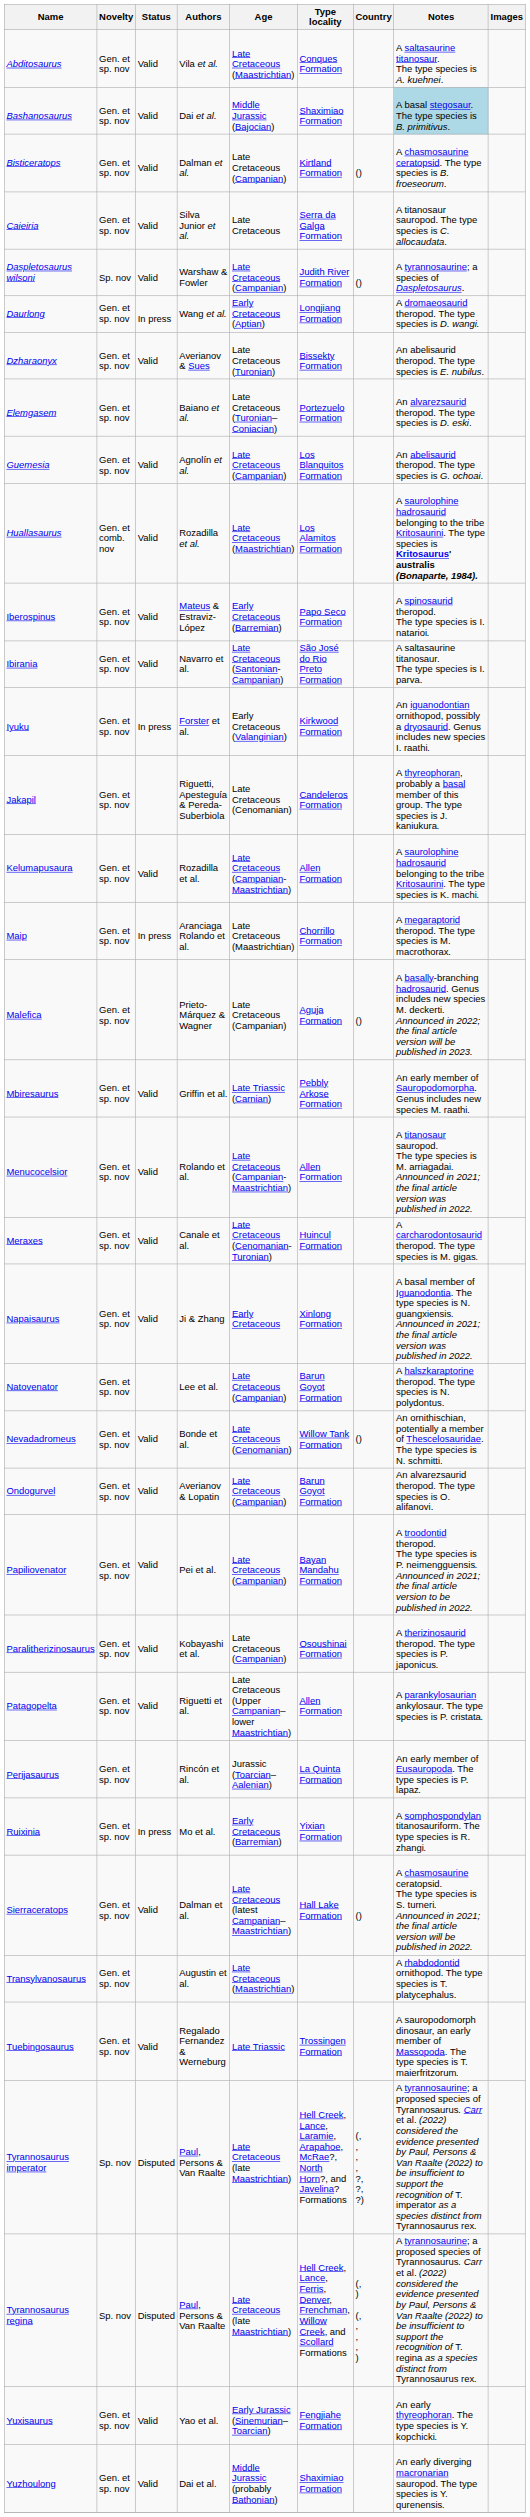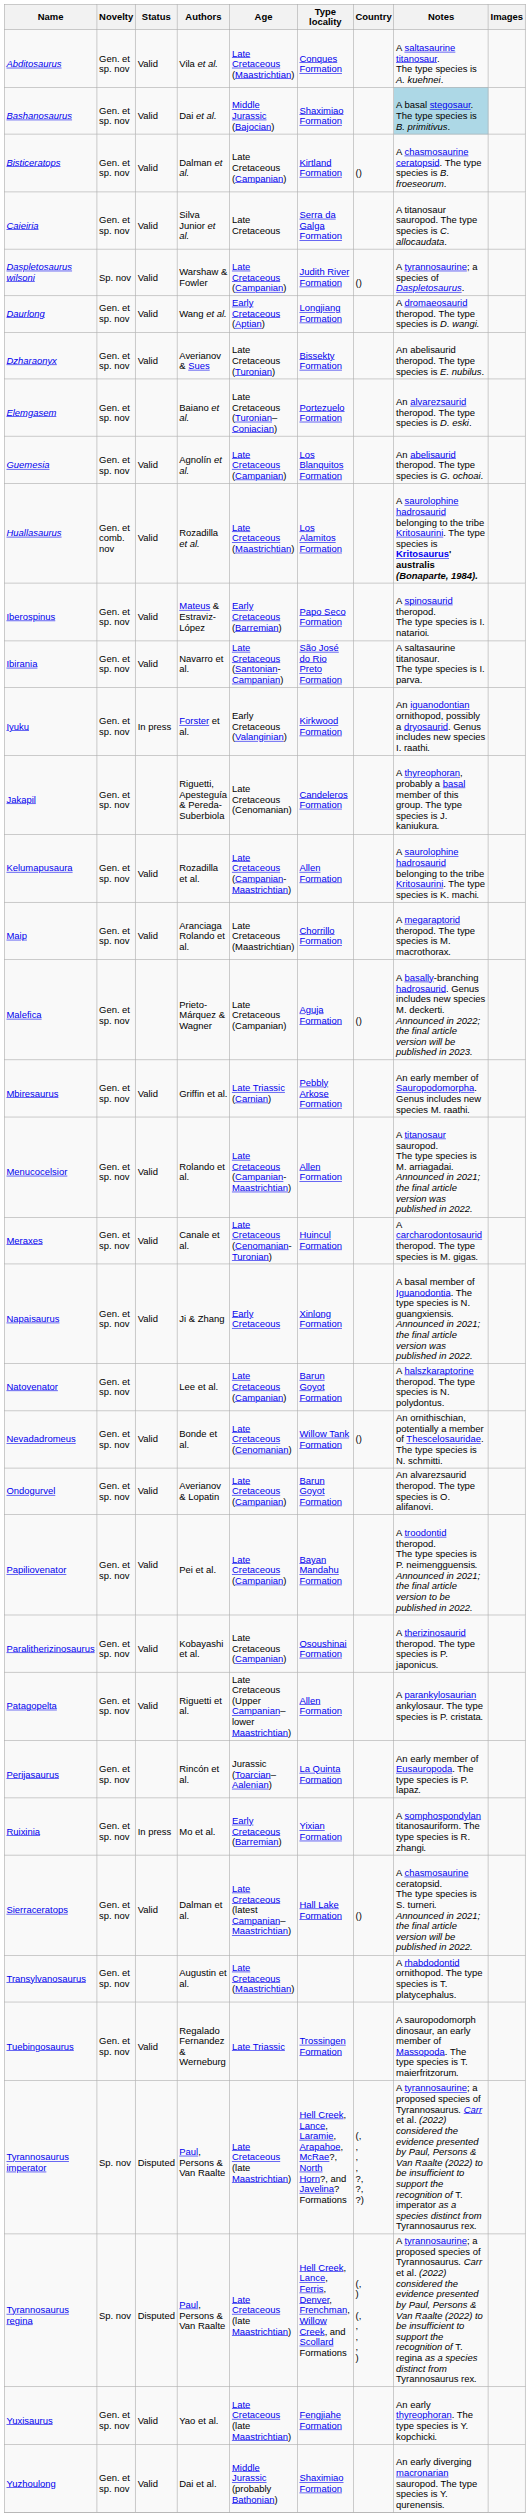 <table class="wikitable sortable" width="100%" align="center">
 <tr>
 <th>Name</th>
 <th>Novelty</th>
 <th>Status</th>
 <th>Authors</th>
 <th>Age</th>
 <th>Type locality</th>
 <th>Country</th>
 <th>Notes</th>
 <th>Images</th>
 </tr>
 <tr>
 <td><br><em><a href='#'>Abditosaurus</a></em></td>
 <td><br>Gen. et sp. nov</td>
 <td><br>Valid</td>
 <td><br>Vila <em>et al.</em></td>
 <td><br><a href='#'>Late Cretaceous</a> (<a href='#'>Maastrichtian</a>)</td>
 <td><br><a href='#'>Conques Formation</a></td>
 <td><br></td>
 <td><br>A <a href='#'>saltasaurine</a> <a href='#'>titanosaur</a>.<br> The type species is <em>A. kuehnei</em>.</td>
 <td></td>
 </tr>
 <tr>
 <td><br><em><a href='#'>Bashanosaurus</a></em></td>
 <td><br>Gen. et sp. nov</td>
 <td><br>Valid</td>
 <td><br>Dai <em>et al.</em></td>
 <td><br><a href='#'>Middle Jurassic</a> (<a href='#'>Bajocian</a>)</td>
 <td><br><a href='#'>Shaximiao Formation</a></td>
 <td><br></td>
 <td style="background: lightblue;"><br>A basal <a href='#'>stegosaur</a>. The type species is <em>B. primitivus</em>.</td>
 <td></td>
 </tr>
 <tr>
 <td><em><a href='#'>Bisticeratops</a></em></td>
 <td><br>Gen. et sp. nov</td>
 <td><br>Valid</td>
 <td><br>Dalman <em>et al.</em></td>
 <td><br>Late Cretaceous (<a href='#'>Campanian</a>)</td>
 <td><br><a href='#'>Kirtland Formation</a></td>
 <td><br><br>()</td>
 <td><br>A <a href='#'>chasmosaurine</a> <a href='#'>ceratopsid</a>. The type species is <em>B. froeseorum</em>.</td>
 <td></td>
 </tr>
 <tr>
 <td><br><em><a href='#'>Caieiria</a></em></td>
 <td><br>Gen. et sp. nov</td>
 <td><br>Valid</td>
 <td><br>Silva Junior <em>et al.</em></td>
 <td><br>Late Cretaceous</td>
 <td><br><a href='#'>Serra da Galga Formation</a></td>
 <td><br></td>
 <td><br>A titanosaur sauropod. The type species is <em>C. allocaudata</em>.</td>
 <td></td>
 </tr>
 <tr>
 <td><em><a href='#'>Daspletosaurus wilsoni</a></em></td>
 <td><br>Sp. nov</td>
 <td><br>Valid</td>
 <td><br>Warshaw & Fowler</td>
 <td><br><a href='#'>Late Cretaceous</a> (<a href='#'>Campanian</a>)</td>
 <td><br><a href='#'>Judith River Formation</a></td>
 <td><br><br>()</td>
 <td><br>A <a href='#'>tyrannosaurine</a>; a species of <em><a href='#'>Daspletosaurus</a></em>.</td>
 <td></td>
 </tr>
 <tr>
 <td><em><a href='#'>Daurlong</a></em></td>
 <td>Gen. et sp. nov</td>
-<td><br>In press</td>
+<td>Valid</td>
 <td>Wang <em>et al.</em></td>
 <td><a href='#'>Early Cretaceous</a> (<a href='#'>Aptian</a>)</td>
 <td><a href='#'>Longjiang Formation</a></td>
 <td></td>
 <td>A <a href='#'>dromaeosaurid</a> theropod. The type species is <em>D. wangi.</em></td>
 <td></td>
 </tr>
 <tr>
 <td><br><em><a href='#'>Dzharaonyx</a></em></td>
 <td><br>Gen. et sp. nov</td>
 <td><br>Valid</td>
 <td><br>Averianov & <a href='#'>Sues</a></td>
 <td><br>Late Cretaceous (<a href='#'>Turonian</a>)</td>
 <td><br><a href='#'>Bissekty Formation</a></td>
 <td><br></td>
 <td><br>An abelisaurid theropod. The type species is <em>E. nubilus</em>.</td>
 <td></td>
 </tr>
 <tr>
 <td><br><em><a href='#'>Elemgasem</a></em></td>
 <td><br>Gen. et sp. nov</td>
 <td></td>
 <td><br>Baiano <em>et al.</em></td>
 <td><br>Late Cretaceous (<a href='#'>Turonian</a>–<a href='#'>Coniacian</a>)</td>
 <td><br><a href='#'>Portezuelo Formation</a></td>
 <td><br></td>
 <td><br>An <a href='#'>alvarezsaurid</a> theropod. The type species is <em>D. eski</em>.</td>
 <td></td>
 </tr>
 <tr>
 <td><br><em><a href='#'>Guemesia</a></em></td>
 <td><br>Gen. et sp. nov</td>
 <td><br>Valid</td>
 <td><br>Agnolín <em>et al.</em></td>
 <td><br><a href='#'>Late Cretaceous</a> (<a href='#'>Campanian</a>)</td>
 <td><br><a href='#'>Los Blanquitos Formation</a></td>
 <td><br></td>
 <td><br>An <a href='#'>abelisaurid</a> theropod. The type species is <em>G. ochoai</em>.</td>
 <td></td>
 </tr>
 <tr>
 <td><em><a href='#'>Huallasaurus</a></em></td>
 <td><br>Gen. et comb. nov</td>
 <td><br>Valid</td>
 <td><br>Rozadilla <em>et al.</em></td>
 <td><br><a href='#'>Late Cretaceous</a> (<a href='#'>Maastrichtian</a>)</td>
 <td><br><a href='#'>Los Alamitos Formation</a></td>
 <td><br></td>
 <td><br>A <a href='#'>saurolophine</a> <a href='#'>hadrosaurid</a> belonging to the tribe <a href='#'>Kritosaurini</a>. The type species is <strong><a href='#'>Kritosaurus</a>' australis<em> (Bonaparte, 1984).</td>
 <td></td>
 </tr>
 <tr>
 <td><br></em><a href='#'>Iberospinus</a><em></td>
 <td><br>Gen. et sp. nov</td>
 <td><br>Valid</td>
 <td><br><a href='#'>Mateus</a> & Estraviz-López</td>
 <td><br><a href='#'>Early Cretaceous</a> (<a href='#'>Barremian</a>)</td>
 <td><br><a href='#'>Papo Seco Formation</a></td>
 <td><br></td>
 <td><br>A <a href='#'>spinosaurid</a> theropod.<br> The type species is </em>I. natarioi<em>.</td>
 <td></td>
 </tr>
 <tr>
 <td></em><a href='#'>Ibirania</a><em></td>
 <td>Gen. et sp. nov</td>
 <td>Valid</td>
 <td>Navarro </em>et al.<em></td>
 <td><a href='#'>Late Cretaceous</a> (<a href='#'>Santonian</a>-<a href='#'>Campanian</a>)</td>
 <td><a href='#'>São José do Rio Preto Formation</a></td>
 <td></td>
 <td>A saltasaurine titanosaur.<br> The type species is </em>I. parva.<em></td>
 <td></td>
 </tr>
 <tr>
 <td><br></em><a href='#'>Iyuku</a><em></td>
 <td><br>Gen. et sp. nov</td>
 <td><br>In press</td>
 <td><br><a href='#'>Forster</a> </em>et al.<em></td>
 <td><br>Early Cretaceous (<a href='#'>Valanginian</a>)</td>
 <td><br><a href='#'>Kirkwood Formation</a></td>
 <td><br></td>
 <td><br>An <a href='#'>iguanodontian</a> ornithopod, possibly a <a href='#'>dryosaurid</a>. Genus includes new species </em>I. raathi<em>.</td>
 <td></td>
 </tr>
 <tr>
 <td><br></em><a href='#'>Jakapil</a><em></td>
 <td><br>Gen. et sp. nov</td>
 <td></td>
 <td><br>Riguetti, Apesteguía & Pereda-Suberbiola</td>
 <td><br>Late Cretaceous (Cenomanian)</td>
 <td><br><a href='#'>Candeleros Formation</a></td>
 <td><br></td>
 <td><br>A <a href='#'>thyreophoran</a>, probably a <a href='#'>basal</a> member of this group. The type species is </em>J. kaniukura<em>.</td>
 <td></td>
 </tr>
 <tr>
 <td></em><a href='#'>Kelumapusaura</a><em></td>
 <td><br>Gen. et sp. nov</td>
 <td><br>Valid</td>
 <td><br>Rozadilla </em>et al.<em></td>
 <td><br><a href='#'>Late Cretaceous</a> (<a href='#'>Campanian</a>-<a href='#'>Maastrichtian</a>)</td>
 <td><br><a href='#'>Allen Formation</a></td>
 <td><br></td>
 <td><br>A <a href='#'>saurolophine</a> <a href='#'>hadrosaurid</a> belonging to the tribe <a href='#'>Kritosaurini</a>. The type species is </em>K. machi<em>.</td>
 <td></td>
 </tr>
 <tr>
 <td><br></em><a href='#'>Maip</a><em></td>
 <td><br>Gen. et sp. nov</td>
-<td><br>In press</td>
+<td><br>Valid</td>
 <td><br>Aranciaga Rolando </em>et al.<em></td>
 <td><br>Late Cretaceous (Maastrichtian)</td>
 <td><br><a href='#'>Chorrillo Formation</a></td>
 <td><br></td>
 <td><br>A <a href='#'>megaraptorid</a> theropod. The type species is </em>M. macrothorax<em>.</td>
 <td></td>
 </tr>
 <tr>
 <td><br></em><a href='#'>Malefica</a><em></td>
 <td><br>Gen. et sp. nov</td>
 <td></td>
 <td><br>Prieto-Márquez & Wagner</td>
 <td><br>Late Cretaceous (Campanian)</td>
 <td><br><a href='#'>Aguja Formation</a></td>
 <td><br><br>()</td>
 <td><br>A <a href='#'>basally</a>-branching <a href='#'>hadrosaurid</a>. Genus includes new species </em>M. deckerti<em>. Announced in 2022; the final article version will be published in 2023.</td>
 <td></td>
 </tr>
 <tr>
 <td><br></em><a href='#'>Mbiresaurus</a><em></td>
 <td><br>Gen. et sp. nov</td>
 <td><br>Valid</td>
 <td><br>Griffin </em>et al.<em></td>
 <td><br><a href='#'>Late Triassic</a> (<a href='#'>Carnian</a>)</td>
 <td><br><a href='#'>Pebbly Arkose Formation</a></td>
 <td><br></td>
 <td><br>An early member of <a href='#'>Sauropodomorpha</a>. Genus includes new species </em>M. raathi<em>.</td>
 <td></td>
 </tr>
 <tr>
 <td><br></em><a href='#'>Menucocelsior</a><em></td>
 <td><br>Gen. et sp. nov</td>
 <td><br>Valid</td>
 <td><br>Rolando </em>et al.<em></td>
 <td><br><a href='#'>Late Cretaceous</a> (<a href='#'>Campanian</a>-<a href='#'>Maastrichtian</a>)</td>
 <td><br><a href='#'>Allen Formation</a></td>
 <td><br></td>
 <td><br>A <a href='#'>titanosaur</a> sauropod.<br> The type species is </em>M. arriagadai<em>.<br> Announced in 2021; the final article version was published in 2022.</td>
 <td></td>
 </tr>
 <tr>
 <td></em><a href='#'>Meraxes</a><em></td>
 <td>Gen. et sp. nov</td>
 <td>Valid</td>
 <td>Canale </em>et al.<em></td>
 <td><a href='#'>Late Cretaceous</a> (<a href='#'>Cenomanian</a>-<a href='#'>Turonian</a>)</td>
 <td><a href='#'>Huincul Formation</a></td>
 <td></td>
 <td>A <a href='#'>carcharodontosaurid</a> theropod. The type species is </em>M. gigas<em>.</td>
 <td></td>
 </tr>
 <tr>
 <td><br></em><a href='#'>Napaisaurus</a><em></td>
 <td><br>Gen. et sp. nov</td>
 <td><br>Valid</td>
 <td><br>Ji & Zhang</td>
 <td><br><a href='#'>Early Cretaceous</a></td>
 <td><br><a href='#'>Xinlong Formation</a></td>
 <td><br></td>
 <td><br>A basal member of <a href='#'>Iguanodontia</a>. The type species is </em>N. guangxiensis<em>. Announced in 2021; the final article version was published in 2022.</td>
 <td></td>
 </tr>
 <tr>
 <td></em><a href='#'>Natovenator</a><em></td>
 <td>Gen. et sp. nov</td>
 <td></td>
 <td>Lee </em>et al.<em></td>
 <td><a href='#'>Late Cretaceous</a> (<a href='#'>Campanian</a>)</td>
 <td><a href='#'>Barun Goyot Formation</a></td>
 <td></td>
 <td>A <a href='#'>halszkaraptorine</a> theropod. The type species is </em>N. polydontus.<em></td>
 <td></td>
 </tr>
 <tr>
 <td></em><a href='#'>Nevadadromeus</a><em></td>
 <td>Gen. et sp. nov</td>
 <td>Valid</td>
 <td>Bonde </em>et al.<em></td>
 <td><a href='#'>Late Cretaceous</a> (<a href='#'>Cenomanian</a>)</td>
 <td><a href='#'>Willow Tank Formation</a></td>
 <td> ()</td>
 <td>An ornithischian, potentially a member of <a href='#'>Thescelosauridae</a>. The type species is </em>N. schmitti.<em></td>
 <td></td>
 </tr>
 <tr>
 <td></em><a href='#'>Ondogurvel</a><em></td>
 <td>Gen. et sp. nov</td>
 <td>Valid</td>
 <td>Averianov & Lopatin</td>
 <td><a href='#'>Late Cretaceous</a> (<a href='#'>Campanian</a>)</td>
 <td><a href='#'>Barun Goyot Formation</a></td>
 <td></td>
 <td>An alvarezsaurid theropod. The type species is </em>O. alifanovi.<em></td>
 <td></td>
 </tr>
 <tr>
 <td><br></em><a href='#'>Papiliovenator</a><em></td>
 <td><br>Gen. et sp. nov</td>
 <td>Valid</td>
 <td><br>Pei </em>et al.<em></td>
 <td><br><a href='#'>Late Cretaceous</a> (<a href='#'>Campanian</a>)</td>
 <td><br><a href='#'>Bayan Mandahu Formation</a></td>
 <td><br></td>
 <td><br>A <a href='#'>troodontid</a> theropod.<br> The type species is </em>P. neimengguensis<em>.<br> Announced in 2021; the final article version to be published in 2022.</td>
 <td></td>
 </tr>
 <tr>
 <td><br></em><a href='#'>Paralitherizinosaurus</a><em></td>
 <td><br>Gen. et sp. nov</td>
 <td><br>Valid</td>
 <td><br>Kobayashi </em>et al.<em></td>
 <td><br>Late Cretaceous (<a href='#'>Campanian</a>)</td>
 <td><br><a href='#'>Osoushinai Formation</a></td>
 <td><br></td>
 <td><br>A <a href='#'>therizinosaurid</a> theropod. The type species is </em>P. japonicus<em>.</td>
 <td></td>
 </tr>
 <tr>
 <td></em><a href='#'>Patagopelta</a><em></td>
 <td>Gen. et sp. nov</td>
 <td>Valid</td>
 <td>Riguetti </em>et al.<em></td>
 <td>Late Cretaceous (Upper <a href='#'>Campanian</a>–lower <a href='#'>Maastrichtian</a>)</td>
 <td><a href='#'>Allen Formation</a></td>
 <td></td>
 <td>A <a href='#'>parankylosaurian</a> ankylosaur. The type species is </em>P. cristata<em>.</td>
 <td></td>
 </tr>
 <tr>
 <td><br></em><a href='#'>Perijasaurus</a><em></td>
 <td><br>Gen. et sp. nov</td>
 <td></td>
 <td><br>Rincón </em>et al.<em></td>
 <td><br>Jurassic (<a href='#'>Toarcian</a>–<a href='#'>Aalenian</a>)</td>
 <td><br><a href='#'>La Quinta Formation</a></td>
 <td><br></td>
 <td><br>An early member of <a href='#'>Eusauropoda</a>. The type species is </em>P. lapaz<em>.</td>
 <td></td>
 </tr>
 <tr>
 <td><br></em><a href='#'>Ruixinia</a><em></td>
 <td><br>Gen. et sp. nov</td>
 <td><br>In press</td>
 <td><br>Mo </em>et al.<em></td>
 <td><br><a href='#'>Early Cretaceous</a> (<a href='#'>Barremian</a>)</td>
 <td><br><a href='#'>Yixian Formation</a></td>
 <td><br></td>
 <td><br>A <a href='#'>somphospondylan</a> titanosauriform. The type species is </em>R. zhangi<em>.</td>
 </tr>
 <tr>
 <td><br></em><a href='#'>Sierraceratops</a><em></td>
 <td><br>Gen. et sp. nov</td>
 <td><br>Valid</td>
 <td><br>Dalman </em>et al.<em></td>
 <td><br><a href='#'>Late Cretaceous</a> (latest <a href='#'>Campanian</a>–<a href='#'>Maastrichtian</a>)</td>
 <td><br><a href='#'>Hall Lake Formation</a></td>
 <td><br><br>()</td>
 <td><br>A <a href='#'>chasmosaurine</a> ceratopsid.<br> The type species is </em>S. turneri<em>.<br> Announced in 2021; the final article version will be published in 2022.</td>
 <td><br></td>
 </tr>
 <tr>
 <td></em><a href='#'>Transylvanosaurus</a><em></td>
 <td>Gen. et sp. nov</td>
 <td></td>
 <td>Augustin </em>et al.<em></td>
 <td><a href='#'>Late Cretaceous</a> (<a href='#'>Maastrichtian</a>)</td>
 <td></td>
 <td></td>
 <td>A <a href='#'>rhabdodontid</a> ornithopod. The type species is </em>T. platycephalus.<em></td>
 <td></td>
 </tr>
 <tr>
 <td><br></em><a href='#'>Tuebingosaurus</a><em></td>
 <td><br>Gen. et sp. nov</td>
 <td><br>Valid</td>
 <td><br>Regalado Fernandez & Werneburg</td>
 <td><br><a href='#'>Late Triassic</a></td>
 <td><br><a href='#'>Trossingen Formation</a></td>
 <td><br></td>
 <td><br>A sauropodomorph dinosaur, an early member of <a href='#'>Massopoda</a>. The type species is </em>T. maierfritzorum<em>.</td>
 <td></td>
 </tr>
 <tr>
 <td><br></em><a href='#'>Tyrannosaurus imperator</a><em></td>
 <td><br>Sp. nov</td>
 <td><br>Disputed</td>
 <td><br><a href='#'>Paul</a>, Persons & Van Raalte</td>
 <td><br><a href='#'>Late Cretaceous</a> (late <a href='#'>Maastrichtian</a>)</td>
 <td><a href='#'>Hell Creek</a>, <a href='#'>Lance</a>, <a href='#'>Laramie</a>, <a href='#'>Arapahoe</a>, <a href='#'>McRae</a>?, <a href='#'>North Horn</a>?, and <a href='#'>Javelina</a>? Formations</td>
 <td><br><br>(, <br>, <br>, <br>, <br>?, <br>?, <br>?)</td>
 <td>A <a href='#'>tyrannosaurine</a>; a proposed species of </em>Tyrannosaurus<em>. <a href='#'>Carr</a> </em>et al.<em> (2022) considered the evidence presented by Paul, Persons & Van Raalte (2022) to be insufficient to support the recognition of </em>T. imperator<em> as a species distinct from </em>Tyrannosaurus rex<em>.</td>
 <td><br></td>
 </tr>
 <tr>
 <td><br></em><a href='#'>Tyrannosaurus regina</a><em></td>
 <td><br>Sp. nov</td>
 <td><br>Disputed</td>
 <td><br><a href='#'>Paul</a>, Persons & Van Raalte</td>
 <td><br><a href='#'>Late Cretaceous</a> (late <a href='#'>Maastrichtian</a>)</td>
 <td><a href='#'>Hell Creek</a>, <a href='#'>Lance</a>, <a href='#'>Ferris</a>, <a href='#'>Denver</a>, <a href='#'>Frenchman</a>, <a href='#'>Willow Creek</a>, and <a href='#'>Scollard</a> Formations</td>
 <td><br><br>(, <br>)<br> <br>(, <br>, <br>, <br>, <br>)</td>
 <td>A <a href='#'>tyrannosaurine</a>; a proposed species of </em>Tyrannosaurus<em>. Carr </em>et al.<em> (2022) considered the evidence presented by Paul, Persons & Van Raalte (2022) to be insufficient to support the recognition of </em>T. regina<em> as a species distinct from </em>Tyrannosaurus rex<em>.</td>
 <td></td>
 </tr>
 <tr>
 <td><br></em><a href='#'>Yuxisaurus</a><em></td>
 <td><br>Gen. et sp. nov</td>
 <td><br>Valid</td>
 <td><br>Yao </em>et al.<em></td>
-<td><br><a href='#'>Early Jurassic</a> (<a href='#'>Sinemurian</a>–<a href='#'>Toarcian</a>)</td>
+<td><br><a href='#'>Late Cretaceous</a> (late <a href='#'>Maastrichtian</a>)</td>
 <td><br><a href='#'>Fengjiahe Formation</a></td>
 <td><br></td>
 <td><br>An early <a href='#'>thyreophoran</a>. The type species is </em>Y. kopchicki<em>.</td>
 <td></td>
 </tr>
 <tr>
 <td><br></em><a href='#'>Yuzhoulong</a><em></td>
 <td><br>Gen. et sp. nov</td>
 <td><br>Valid</td>
 <td><br>Dai </em>et al.<em></td>
 <td><br><a href='#'>Middle Jurassic</a> (probably <a href='#'>Bathonian</a>)</td>
 <td><br><a href='#'>Shaximiao Formation</a></td>
 <td><br></td>
 <td><br>An early diverging <a href='#'>macronarian</a> sauropod. The type species is </em>Y. qurenensis<em>.</td>
 <td></td>
 </tr>
 <tr>
 </tr>
 </table>
